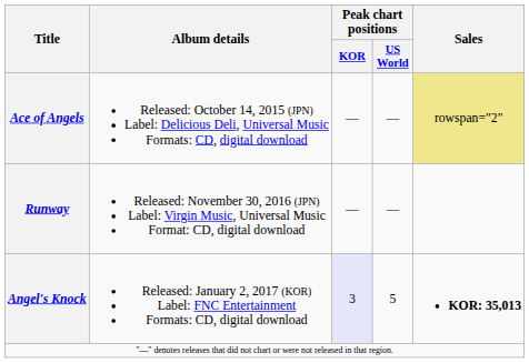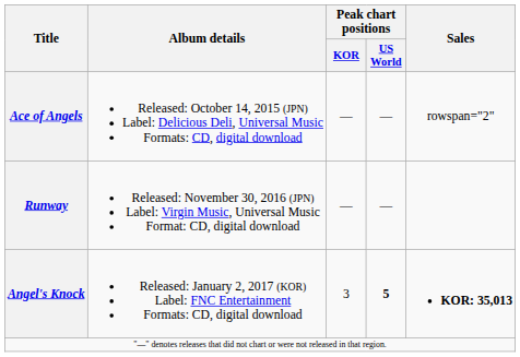 <table class="wikitable plainrowheaders" style="text-align:center;">
 <tr>
 <th rowspan="2" scope="col">Title</th>
 <th rowspan="2" scope="col">Album details</th>
 <th colspan="2" scope="col">Peak chart positions</th>
 <th rowspan="2" scope="col">Sales</th>
 </tr>
 <tr>
 <th scope="col" style="width:3em;font-size:90%;"><a href='#'>KOR</a><br></th>
 <th scope="col" style="width:3em;font-size:90%;"><a href='#'>US World</a> <br></th>
 </tr>
 <tr>
 <th scope="row"><em><a href='#'>Ace of Angels</a></em></th>
 <td><br><ul><li>Released: October 14, 2015 <small>(JPN)</small></li><li>Label: <a href='#'>Delicious Deli</a>, <a href='#'>Universal Music</a></li><li>Formats: <a href='#'>CD</a>, <a href='#'>digital download</a></li></ul></td>
 <td>—</td>
 <td>—</td>
-<td style="background: khaki;">rowspan="2" </td>
+<td>rowspan="2" </td>
 </tr>
 <tr>
 <th scope="row"><em><a href='#'>Runway</a></em></th>
 <td><br><ul><li>Released: November 30, 2016 <small>(JPN)</small></li><li>Label: <a href='#'>Virgin Music</a>, Universal Music</li><li>Format: CD, digital download</li></ul></td>
 <td>—</td>
 <td>—</td>
 </tr>
 <tr>
 <th scope="row"><em><a href='#'>Angel's Knock</a></em></th>
 <td><br><ul><li>Released: January 2, 2017 <small>(KOR)</small></li><li>Label: <a href='#'>FNC Entertainment</a></li><li>Formats: CD, digital download</li></ul></td>
-<td style="background: lavender;">3</td>
-<td>5</td>
+<td>3</td>
+<td><strong>5</strong></td>
 <td><strong><br><ul><li>KOR: 35,013</li></ul></strong></td>
 </tr>
 <tr>
 <td colspan="6" style="font-size:8pt;">"—" denotes releases that did not chart or were not released in that region.</td>
 </tr>
 </table>
